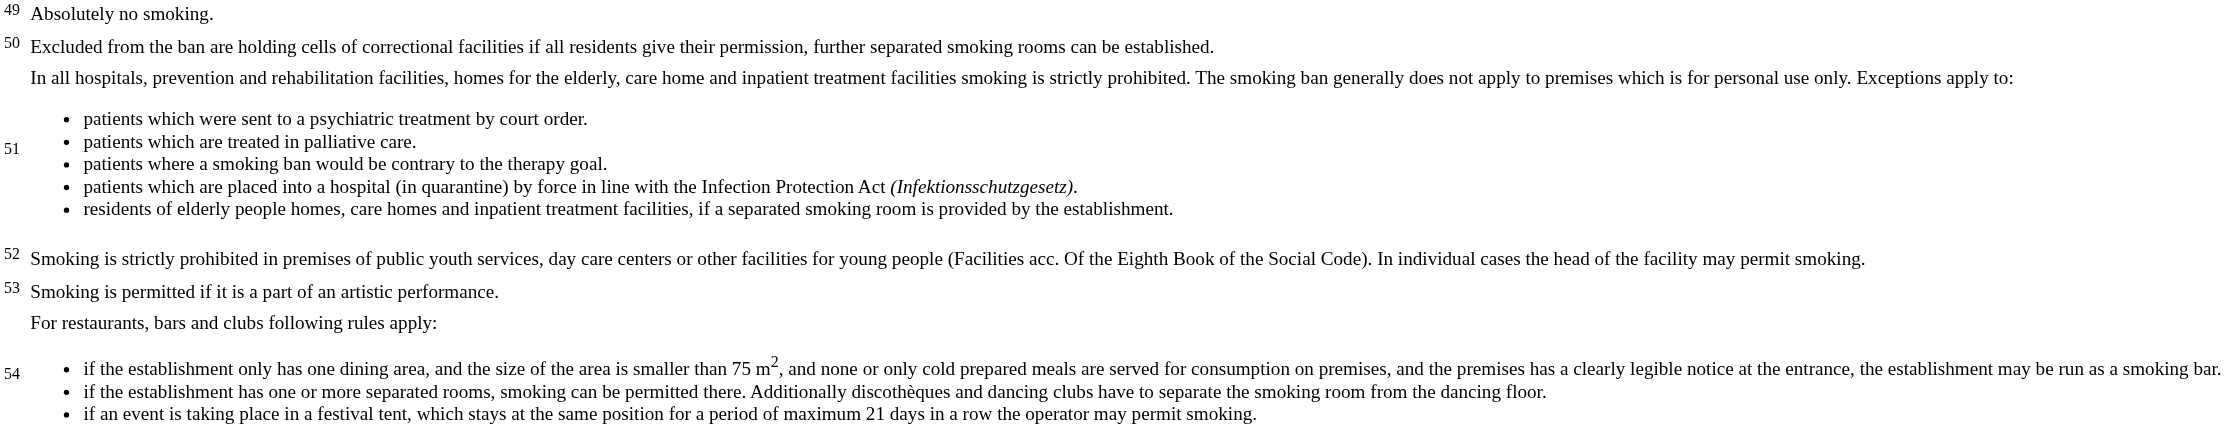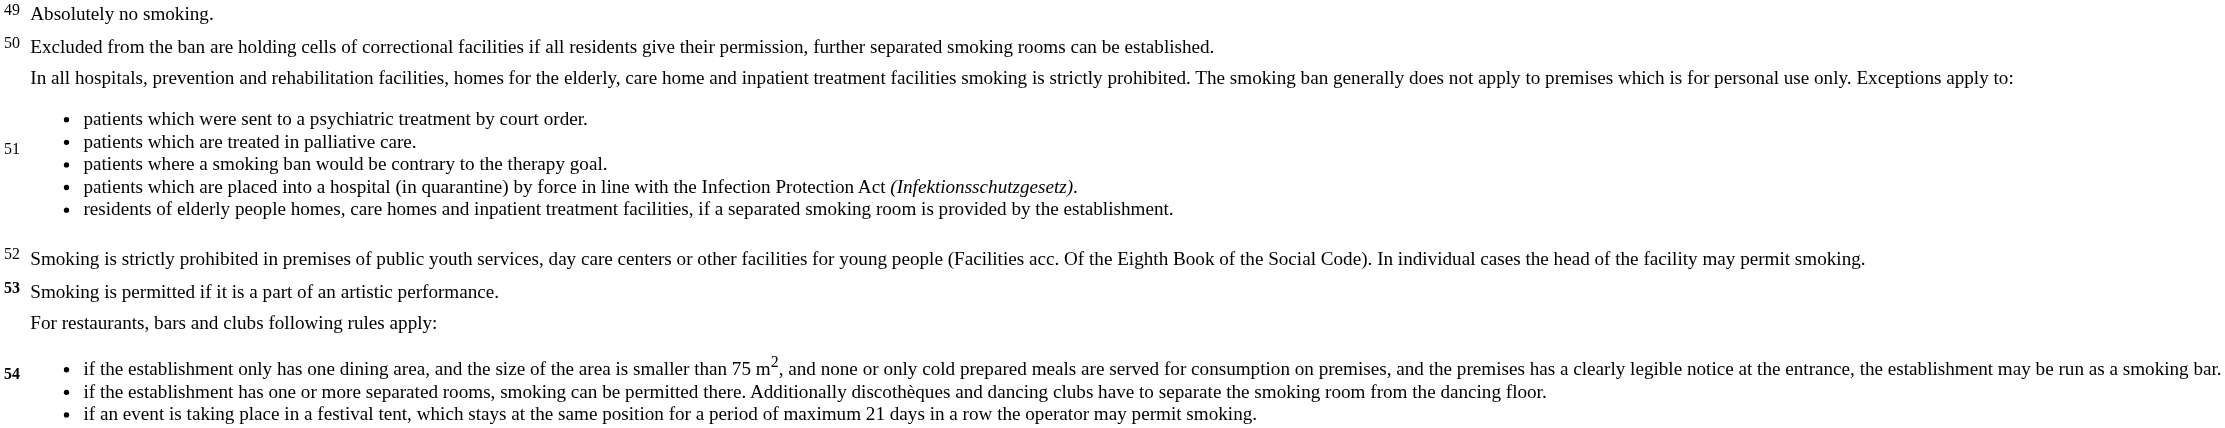 <table class="toptextcells" style="font-size: 90%;">
 <tr>
 <td style="text-align: right; padding-right: 0.33em"><sup>49</sup></td>
 <td>Absolutely no smoking.</td>
 </tr>
 <tr>
 <td style="text-align: right; padding-right: 0.33em"><sup>50</sup></td>
 <td>Excluded from the ban are holding cells of correctional facilities if all residents give their permission, further separated smoking rooms can be established.</td>
 </tr>
 <tr>
 <td style="text-align: right; padding-right: 0.33em"><sup>51</sup></td>
 <td>In all hospitals, prevention and rehabilitation facilities, homes for the elderly, care home and inpatient treatment facilities smoking is strictly prohibited. The smoking ban generally does not apply to premises which is for personal use only. Exceptions apply to:<br><ul><li>patients which were sent to a psychiatric treatment by court order.</li><li>patients which are treated in palliative care.</li><li>patients where a smoking ban would be contrary to the therapy goal.</li><li>patients which are placed into a hospital (in quarantine) by force in line with the Infection Protection Act <em>(Infektionsschutzgesetz)</em>.</li><li>residents of elderly people homes, care homes and inpatient treatment facilities, if a separated smoking room is provided by the establishment.</li></ul></td>
 </tr>
 <tr>
 <td style="text-align: right; padding-right: 0.33em"><sup>52</sup></td>
 <td>Smoking is strictly prohibited in premises of public youth services, day care centers or other facilities for young people (Facilities acc. Of the Eighth Book of the Social Code). In individual cases the head of the facility may permit smoking.</td>
 </tr>
 <tr>
-<td style="text-align: right; padding-right: 0.33em"><sup>53</sup></td>
+<td style="text-align: right; padding-right: 0.33em"><strong><sup>53</sup></strong></td>
 <td>Smoking is permitted if it is a part of an artistic performance.</td>
 </tr>
 <tr>
-<td style="text-align: right; padding-right: 0.33em"><sup>54</sup></td>
+<td style="text-align: right; padding-right: 0.33em"><strong><sup>54</sup></strong></td>
 <td>For restaurants, bars and clubs following rules apply:<br><ul><li>if the establishment only has one dining area, and the size of the area is smaller than 75 m<sup>2</sup>, and none or only cold prepared meals are served for consumption on premises, and the premises has a clearly legible notice at the entrance, the establishment may be run as a smoking bar.</li><li>if the establishment has one or more separated rooms, smoking can be permitted there. Additionally discothèques and dancing clubs have to separate the smoking room from the dancing floor.</li><li>if an event is taking place in a festival tent, which stays at the same position for a period of maximum 21 days in a row the operator may permit smoking.</li></ul></td>
 </tr>
 </table>
